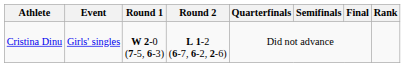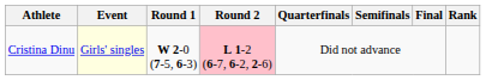 <table class=wikitable style="font-size:90%">
 <tr>
 <th>Athlete</th>
 <th>Event</th>
 <th>Round 1</th>
 <th>Round 2</th>
 <th>Quarterfinals</th>
 <th>Semifinals</th>
 <th>Final</th>
 <th>Rank</th>
 </tr>
 <tr>
 <td><a href='#'>Cristina Dinu</a></td>
-<td><a href='#'>Girls' singles</a></td>
+<td style="background: lightyellow;"><a href='#'>Girls' singles</a></td>
 <td align=center><br><strong>W</strong> <strong>2</strong>-0<br> (<strong>7</strong>-5, <strong>6</strong>-3)</td>
-<td align=center><br><strong>L</strong> <strong>1</strong>-2<br> (<strong>6</strong>-7, <strong>6</strong>-2, <strong>2</strong>-6)</td>
+<td align=center style="background: pink;"><br><strong>L</strong> <strong>1</strong>-2<br> (<strong>6</strong>-7, <strong>6</strong>-2, <strong>2</strong>-6)</td>
 <td colspan=3 align=center>Did not advance</td>
 <td align=center></td>
 </tr>
 </table>
